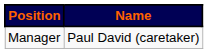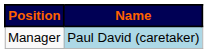 <table class="wikitable sortable">
 <tr>
 <th style="background:#000055; color:#FF6100; border:2px solid #000000;" scope="col">Position</th>
 <th style="background:#000055; color:#FF6100; border:2px solid #000000;" scope="col">Name</th>
 </tr>
 <tr>
 <td>Manager</td>
-<td>Paul David (caretaker)<br>  </td>
+<td style="background: lightblue;">Paul David (caretaker)<br>  </td>
 </tr>
 </table>
